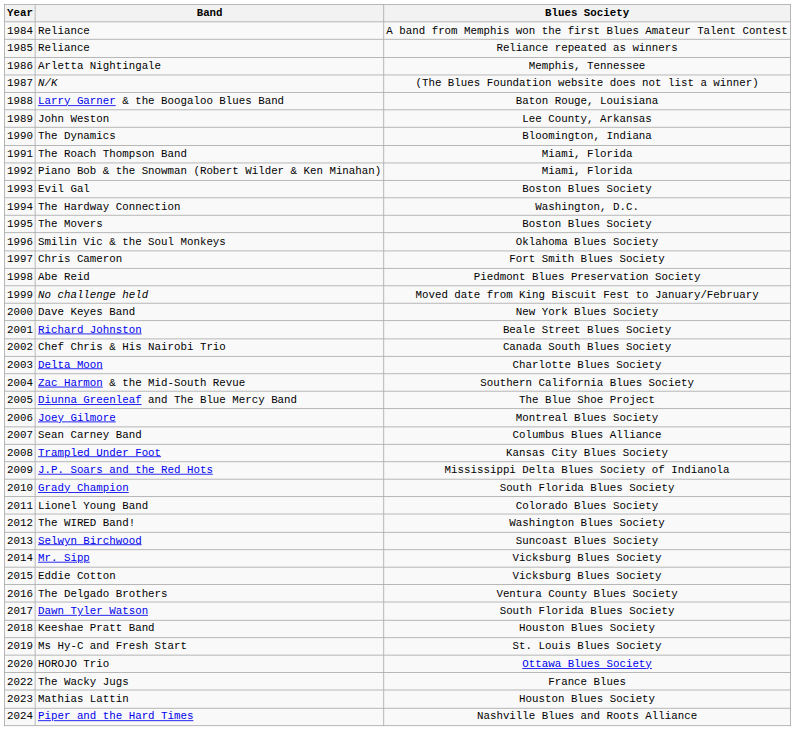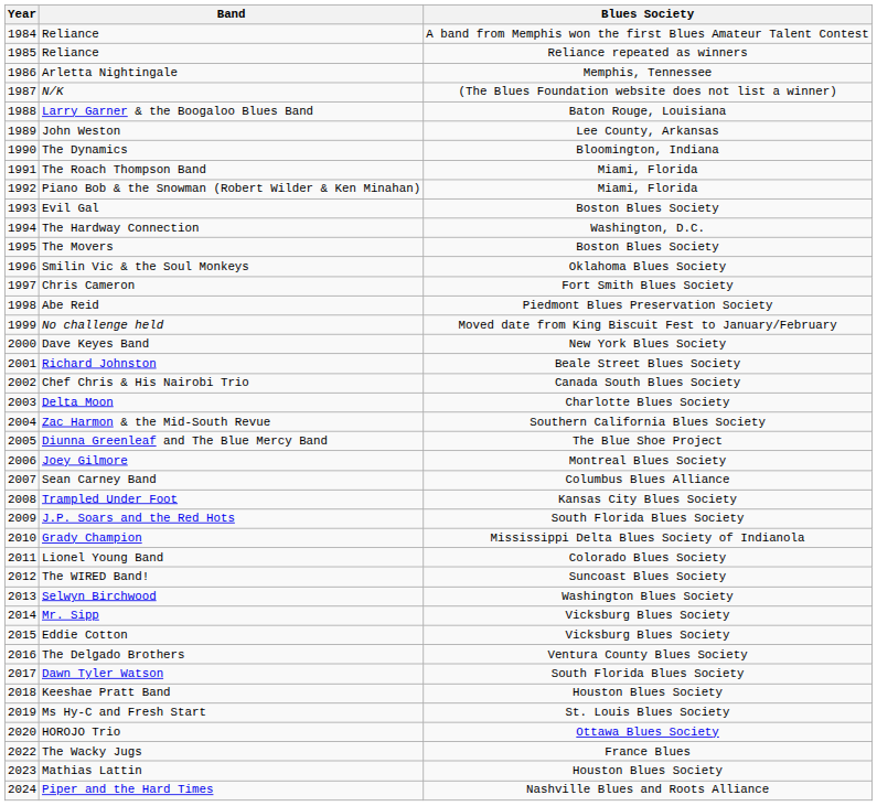 <table class="wikitable sortable">
 <tr>
 <th>Year</th>
 <th>Band</th>
 <th>Blues Society</th>
 </tr>
 <tr>
 <td>1984</td>
 <td>Reliance</td>
 <td style="text-align:center;">A band from Memphis won the first Blues Amateur Talent Contest</td>
 </tr>
 <tr>
 <td>1985</td>
 <td>Reliance</td>
 <td style="text-align:center;">Reliance repeated as winners</td>
 </tr>
 <tr>
 <td>1986</td>
 <td>Arletta Nightingale</td>
 <td style="text-align:center;">Memphis, Tennessee</td>
 </tr>
 <tr>
 <td>1987</td>
 <td><em>N/K</em></td>
 <td style="text-align:center;">(The Blues Foundation website does not list a winner)</td>
 </tr>
 <tr>
 <td>1988</td>
 <td><a href='#'>Larry Garner</a> & the Boogaloo Blues Band</td>
 <td style="text-align:center;">Baton Rouge, Louisiana</td>
 </tr>
 <tr>
 <td>1989</td>
 <td>John Weston</td>
 <td style="text-align:center;">Lee County, Arkansas</td>
 </tr>
 <tr>
 <td>1990</td>
 <td>The Dynamics</td>
 <td style="text-align:center;">Bloomington, Indiana</td>
 </tr>
 <tr>
 <td>1991</td>
 <td>The Roach Thompson Band</td>
 <td style="text-align:center;">Miami, Florida</td>
 </tr>
 <tr>
 <td>1992</td>
 <td>Piano Bob & the Snowman (Robert Wilder & Ken Minahan)</td>
 <td style="text-align:center;">Miami, Florida</td>
 </tr>
 <tr>
 <td>1993</td>
 <td>Evil Gal</td>
 <td style="text-align:center;">Boston Blues Society</td>
 </tr>
 <tr>
 <td>1994</td>
 <td>The Hardway Connection</td>
 <td style="text-align:center;">Washington, D.C.</td>
 </tr>
 <tr>
 <td>1995</td>
 <td>The Movers</td>
 <td style="text-align:center;">Boston Blues Society</td>
 </tr>
 <tr>
 <td>1996</td>
 <td>Smilin Vic & the Soul Monkeys</td>
 <td style="text-align:center;">Oklahoma Blues Society</td>
 </tr>
 <tr>
 <td>1997</td>
 <td>Chris Cameron</td>
 <td style="text-align:center;">Fort Smith Blues Society</td>
 </tr>
 <tr>
 <td>1998</td>
 <td>Abe Reid</td>
 <td style="text-align:center;">Piedmont Blues Preservation Society</td>
 </tr>
 <tr>
 <td>1999</td>
 <td><em>No challenge held</em></td>
 <td style="text-align:center;">Moved date from King Biscuit Fest to January/February</td>
 </tr>
 <tr>
 <td>2000</td>
 <td>Dave Keyes Band</td>
 <td style="text-align:center;">New York Blues Society</td>
 </tr>
 <tr>
 <td>2001</td>
 <td><a href='#'>Richard Johnston</a></td>
 <td style="text-align:center;">Beale Street Blues Society</td>
 </tr>
 <tr>
 <td>2002</td>
 <td>Chef Chris & His Nairobi Trio</td>
 <td style="text-align:center;">Canada South Blues Society</td>
 </tr>
 <tr>
 <td>2003</td>
 <td><a href='#'>Delta Moon</a></td>
 <td style="text-align:center;">Charlotte Blues Society</td>
 </tr>
 <tr>
 <td>2004</td>
 <td><a href='#'>Zac Harmon</a> & the Mid-South Revue</td>
 <td style="text-align:center;">Southern California Blues Society</td>
 </tr>
 <tr>
 <td>2005</td>
 <td><a href='#'>Diunna Greenleaf</a> and The Blue Mercy Band</td>
 <td style="text-align:center;">The Blue Shoe Project</td>
 </tr>
 <tr>
 <td>2006</td>
 <td><a href='#'>Joey Gilmore</a></td>
 <td style="text-align:center;">Montreal Blues Society</td>
 </tr>
 <tr>
 <td>2007</td>
 <td>Sean Carney Band</td>
 <td style="text-align:center;">Columbus Blues Alliance</td>
 </tr>
 <tr>
 <td>2008</td>
 <td><a href='#'>Trampled Under Foot</a></td>
 <td style="text-align:center;">Kansas City Blues Society</td>
 </tr>
 <tr>
 <td>2009</td>
 <td><a href='#'>J.P. Soars and the Red Hots</a></td>
-<td style="text-align:center;">Mississippi Delta Blues Society of Indianola</td>
+<td style="text-align:center;">South Florida Blues Society</td>
 </tr>
 <tr>
 <td>2010</td>
 <td><a href='#'>Grady Champion</a></td>
-<td style="text-align:center;">South Florida Blues Society</td>
+<td style="text-align:center;">Mississippi Delta Blues Society of Indianola</td>
 </tr>
 <tr>
 <td>2011</td>
 <td>Lionel Young Band</td>
 <td style="text-align:center;">Colorado Blues Society</td>
 </tr>
 <tr>
 <td>2012</td>
 <td>The WIRED Band!</td>
-<td style="text-align:center;">Washington Blues Society</td>
+<td style="text-align:center;">Suncoast Blues Society</td>
 </tr>
 <tr>
 <td>2013</td>
 <td><a href='#'>Selwyn Birchwood</a></td>
-<td style="text-align:center;">Suncoast Blues Society</td>
+<td style="text-align:center;">Washington Blues Society</td>
 </tr>
 <tr>
 <td>2014</td>
 <td><a href='#'>Mr. Sipp</a></td>
 <td style="text-align:center;">Vicksburg Blues Society</td>
 </tr>
 <tr>
 <td>2015</td>
 <td>Eddie Cotton</td>
 <td style="text-align:center;">Vicksburg Blues Society</td>
 </tr>
 <tr>
 <td>2016</td>
 <td>The Delgado Brothers</td>
 <td style="text-align:center;">Ventura County Blues Society</td>
 </tr>
 <tr>
 <td>2017</td>
 <td><a href='#'>Dawn Tyler Watson</a></td>
 <td style="text-align:center;">South Florida Blues Society</td>
 </tr>
 <tr>
 <td>2018</td>
 <td>Keeshae Pratt Band</td>
 <td style="text-align:center;">Houston Blues Society</td>
 </tr>
 <tr>
 <td>2019</td>
 <td>Ms Hy-C and Fresh Start</td>
 <td style="text-align:center;">St. Louis Blues Society</td>
 </tr>
 <tr>
 <td>2020</td>
 <td>HOROJO Trio</td>
 <td style="text-align:center;"><a href='#'>Ottawa Blues Society </a></td>
 </tr>
 <tr>
 <td>2022</td>
 <td>The Wacky Jugs</td>
 <td style="text-align:center;">France Blues</td>
 </tr>
 <tr>
 <td>2023</td>
 <td>Mathias Lattin</td>
 <td style="text-align:center;">Houston Blues Society</td>
 </tr>
 <tr>
 <td>2024</td>
 <td><a href='#'>Piper and the Hard Times</a></td>
 <td style="text-align:center;">Nashville Blues and Roots Alliance</td>
 </tr>
 </table>
